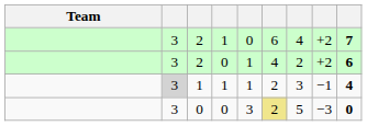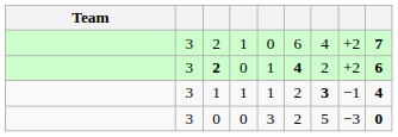 <table class=wikitable style="text-align:center">
 <tr>
 <th style="width:165px;">Team</th>
 <th width="20"></th>
 <th width="20"></th>
 <th width="20"></th>
 <th width="20"></th>
 <th width="20"></th>
 <th width="20"></th>
 <th width="20"></th>
 <th width="20"></th>
 </tr>
 <tr style="background:#cfc;">
 <td align=left></td>
 <td>3</td>
 <td>2</td>
 <td>1</td>
 <td>0</td>
 <td>6</td>
 <td>4</td>
 <td>+2</td>
 <td><strong>7</strong></td>
 </tr>
 <tr style="background:#cfc;">
 <td align=left></td>
 <td>3</td>
-<td>2</td>
+<td><strong>2</strong></td>
 <td>0</td>
 <td>1</td>
-<td>4</td>
+<td><strong>4</strong></td>
 <td>2</td>
 <td>+2</td>
 <td><strong>6</strong></td>
 </tr>
 <tr>
 <td align=left></td>
-<td style="background: lightgrey;">3</td>
+<td>3</td>
 <td>1</td>
 <td>1</td>
 <td>1</td>
 <td>2</td>
-<td>3</td>
+<td><strong>3</strong></td>
 <td>−1</td>
 <td><strong>4</strong></td>
 </tr>
 <tr>
 <td align=left></td>
 <td>3</td>
 <td>0</td>
 <td>0</td>
 <td>3</td>
-<td style="background: khaki;">2</td>
+<td>2</td>
 <td>5</td>
 <td>−3</td>
 <td><strong>0</strong></td>
 </tr>
 </table>
